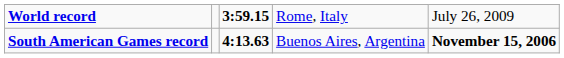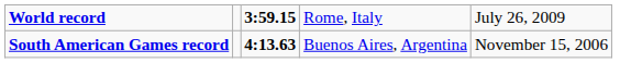 <table class="wikitable">
 <tr>
 <td><strong><a href='#'>World record</a></strong></td>
 <td></td>
 <td><strong>3:59.15</strong></td>
 <td><a href='#'>Rome</a>, <a href='#'>Italy</a></td>
 <td>July 26, 2009</td>
 </tr>
 <tr>
 <td><strong><a href='#'>South American Games record</a></strong></td>
 <td></td>
 <td><strong>4:13.63</strong></td>
 <td><a href='#'>Buenos Aires</a>, <a href='#'>Argentina</a></td>
-<td><strong>November 15, 2006</strong></td>
+<td>November 15, 2006</td>
 </tr>
 </table>
